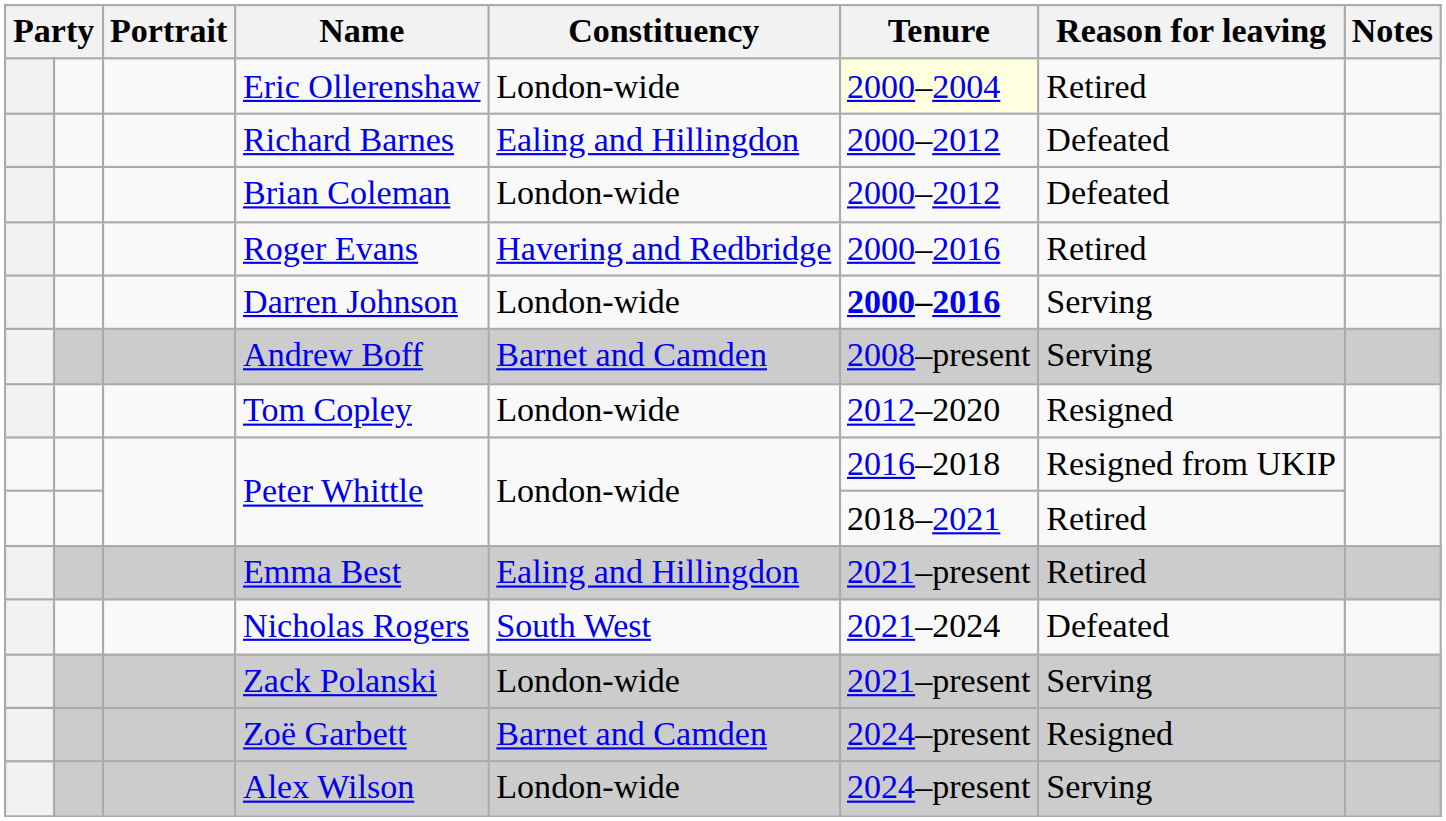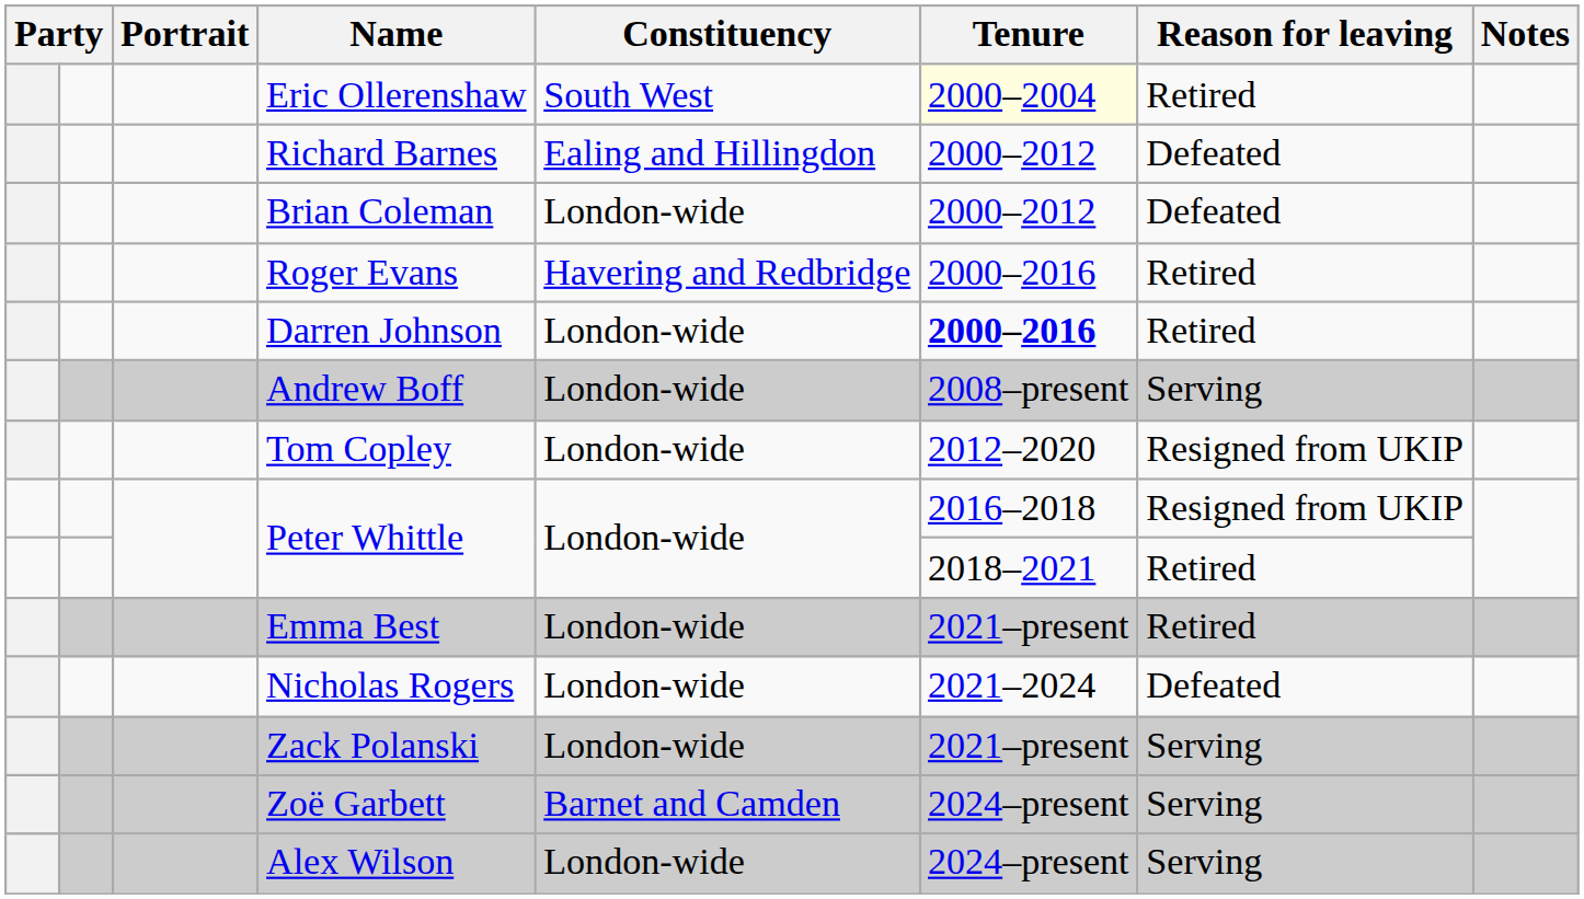 <table class="wikitable sortable">
 <tr>
 <th colspan=2>Party</th>
 <th class="unsortable">Portrait</th>
 <th class="unsortable">Name</th>
 <th class="unsortable">Constituency</th>
 <th>Tenure</th>
 <th>Reason for leaving</th>
 <th class="unsortable">Notes</th>
 </tr>
 <tr>
 <th style="background-color: "></th>
 <td></td>
 <td></td>
 <td><a href='#'>Eric Ollerenshaw</a></td>
-<td>London-wide</td>
+<td><a href='#'>South West</a></td>
 <td style="background: lightyellow;"><a href='#'>2000</a>–<a href='#'>2004</a></td>
 <td>Retired</td>
 </tr>
 <tr>
 <th style="background-color: "></th>
 <td></td>
 <td></td>
 <td><a href='#'>Richard Barnes</a></td>
 <td><a href='#'>Ealing and Hillingdon</a></td>
 <td><a href='#'>2000</a>–<a href='#'>2012</a></td>
 <td>Defeated</td>
 <td></td>
 </tr>
 <tr>
 <th style="background-color: "></th>
 <td></td>
 <td></td>
 <td><a href='#'>Brian Coleman</a></td>
 <td>London-wide</td>
 <td><a href='#'>2000</a>–<a href='#'>2012</a></td>
 <td>Defeated</td>
 <td></td>
 </tr>
 <tr>
 <th style="background-color: "></th>
 <td></td>
 <td></td>
 <td><a href='#'>Roger Evans</a></td>
 <td><a href='#'>Havering and Redbridge</a></td>
 <td><a href='#'>2000</a>–<a href='#'>2016</a></td>
 <td>Retired</td>
 <td></td>
 </tr>
 <tr>
 <th style="background-color: "></th>
 <td></td>
 <td></td>
 <td><a href='#'>Darren Johnson</a></td>
 <td>London-wide</td>
 <td><strong><a href='#'>2000</a>–<a href='#'>2016</a></strong></td>
-<td>Serving</td>
+<td>Retired</td>
 <td></td>
 </tr>
 <tr style="background:#ccc;">
 <th style="background-color: "></th>
 <td></td>
 <td></td>
 <td><a href='#'>Andrew Boff</a></td>
-<td><a href='#'>Barnet and Camden</a></td>
+<td>London-wide</td>
 <td><a href='#'>2008</a>–present</td>
 <td>Serving</td>
 <td></td>
 </tr>
 <tr>
 <th style="background-color: "></th>
 <td></td>
 <td></td>
 <td><a href='#'>Tom Copley</a></td>
 <td>London-wide</td>
 <td><a href='#'>2012</a>–2020</td>
-<td>Resigned</td>
+<td>Resigned from UKIP</td>
 <td></td>
 </tr>
 <tr>
 <td ! style="background-color: "></td>
 <td></td>
 <td rowspan="2"></td>
 <td rowspan="2"><a href='#'>Peter Whittle</a></td>
 <td rowspan="2">London-wide</td>
 <td><a href='#'>2016</a>–2018</td>
 <td>Resigned from UKIP</td>
 <td rowspan="2"></td>
 </tr>
 <tr>
 <td ! style="background-color: "></td>
 <td></td>
 <td>2018–<a href='#'>2021</a></td>
 <td>Retired</td>
 </tr>
 <tr style="background:#ccc;">
 <th style="background-color: "></th>
 <td></td>
 <td></td>
 <td><a href='#'>Emma Best</a></td>
-<td><a href='#'>Ealing and Hillingdon</a></td>
+<td>London-wide</td>
 <td><a href='#'>2021</a>–present</td>
 <td>Retired</td>
 <td></td>
 </tr>
 <tr>
 <th style="background-color: "></th>
 <td></td>
 <td></td>
 <td><a href='#'>Nicholas Rogers</a></td>
-<td><a href='#'>South West</a></td>
+<td>London-wide</td>
 <td><a href='#'>2021</a>–2024</td>
 <td>Defeated</td>
 <td></td>
 </tr>
 <tr style="background:#ccc;">
 <th style="background-color: "></th>
 <td></td>
 <td></td>
 <td><a href='#'>Zack Polanski</a></td>
 <td>London-wide</td>
 <td><a href='#'>2021</a>–present</td>
 <td>Serving</td>
 <td></td>
 </tr>
 <tr style="background:#ccc;">
 <th style="background-color: "></th>
 <td></td>
 <td></td>
 <td><a href='#'>Zoë Garbett</a></td>
 <td><a href='#'>Barnet and Camden</a></td>
 <td><a href='#'>2024</a>–present</td>
-<td>Resigned</td>
+<td>Serving</td>
 <td></td>
 </tr>
 <tr style="background:#ccc;">
 <th style="background-color: "></th>
 <td></td>
 <td></td>
 <td><a href='#'>Alex Wilson</a></td>
 <td>London-wide</td>
 <td><a href='#'>2024</a>–present</td>
 <td>Serving</td>
 <td></td>
 </tr>
 <tr>
 </tr>
 </table>
